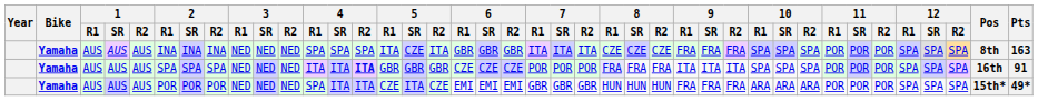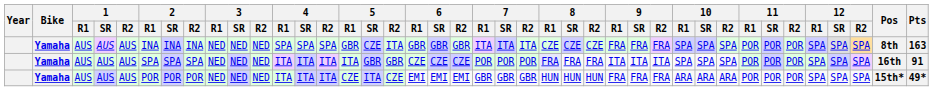 <table class="wikitable" style="text-align:center; font-size:90%;">
 <tr>
 <th rowspan="2">Year</th>
 <th rowspan="2">Bike</th>
 <th colspan="3">1</th>
 <th colspan="3">2</th>
 <th colspan="3">3</th>
 <th colspan="3">4</th>
 <th colspan="3">5</th>
 <th colspan="3">6</th>
 <th colspan="3">7</th>
 <th colspan="3">8</th>
 <th colspan="3">9</th>
 <th colspan="3">10</th>
 <th colspan="3">11</th>
 <th colspan="3">12</th>
 <th rowspan="2">Pos</th>
 <th rowspan="2">Pts</th>
 </tr>
 <tr>
 <th>R1</th>
 <th>SR</th>
 <th>R2</th>
 <th>R1</th>
 <th>SR</th>
 <th>R2</th>
 <th>R1</th>
 <th>SR</th>
 <th>R2</th>
 <th>R1</th>
 <th>SR</th>
 <th>R2</th>
 <th>R1</th>
 <th>SR</th>
 <th>R2</th>
 <th>R1</th>
 <th>SR</th>
 <th>R2</th>
 <th>R1</th>
 <th>SR</th>
 <th>R2</th>
 <th>R1</th>
 <th>SR</th>
 <th>R2</th>
 <th>R1</th>
 <th>SR</th>
 <th>R2</th>
 <th>R1</th>
 <th>SR</th>
 <th>R2</th>
 <th>R1</th>
 <th>SR</th>
 <th>R2</th>
 <th>R1</th>
 <th>SR</th>
 <th>R2</th>
 </tr>
 <tr>
 <th></th>
 <th><a href='#'>Yamaha</a></th>
 <td style="background:#DFFFDF;"><a href='#'>AUS</a><br></td>
 <td style="background:#EFCFFF;"><em><a href='#'>AUS</a></em><br></td>
 <td style="background:#DFFFDF;"><a href='#'>AUS</a><br></td>
 <td style="background:#DFFFDF;"><a href='#'>INA</a><br></td>
 <td style="background:#CFCFFF;"><a href='#'>INA</a><br></td>
 <td style="background:#DFFFDF;"><a href='#'>INA</a><br></td>
 <td style="background:#DFFFDF;"><a href='#'>NED</a><br></td>
 <td style="background:#DFFFDF;"><a href='#'>NED</a><br></td>
 <td style="background:#DFFFDF;"><a href='#'>NED</a><br></td>
 <td style="background:#DFFFDF;"><a href='#'>SPA</a><br></td>
 <td style="background:#DFFFDF;"><a href='#'>SPA</a><br></td>
 <td style="background:#DFFFDF;"><a href='#'>SPA</a><br></td>
-<td style="background:#DFFFDF;"><a href='#'>ITA</a><br></td>
+<td style="background:#DFFFDF;"><a href='#'>GBR</a><br></td>
 <td style="background:#CFCFFF;"><a href='#'>CZE</a><br></td>
 <td style="background:#DFFFDF;"><a href='#'>ITA</a><br></td>
 <td style="background:#DFFFDF;"><a href='#'>GBR</a><br></td>
 <td style="background:#CFCFFF;"><a href='#'>GBR</a><br></td>
 <td style="background:#DFFFDF;"><a href='#'>GBR</a><br></td>
 <td style="background:#EFCFFF;"><a href='#'>ITA</a><br></td>
 <td style="background:#CFCFFF;"><a href='#'>ITA</a><br></td>
 <td style="background:#DFFFDF;"><a href='#'>ITA</a><br></td>
 <td style="background:#DFFFDF;"><a href='#'>CZE</a><br></td>
 <td style="background:#CFCFFF;"><a href='#'>CZE</a><br></td>
 <td style="background:#DFFFDF;"><a href='#'>CZE</a><br></td>
 <td style="background:#DFFFDF;"><a href='#'>FRA</a><br></td>
 <td style="background:#DFFFDF;"><a href='#'>FRA</a><br></td>
 <td style="background:#EFCFFF;"><a href='#'>FRA</a><br></td>
 <td style="background:#CFCFFF;"><a href='#'>SPA</a><br></td>
 <td style="background:#CFCFFF;"><a href='#'>SPA</a><br></td>
 <td style="background:#DFFFDF;"><a href='#'>SPA</a><br></td>
 <td style="background:#DFFFDF;"><a href='#'>POR</a><br></td>
 <td style="background:#CFCFFF;"><a href='#'>POR</a><br></td>
 <td style="background:#DFFFDF;"><a href='#'>POR</a><br></td>
 <td style="background:#CFCFFF;"><a href='#'>SPA</a><br></td>
 <td style="background:#DFDFDF;"><a href='#'>SPA</a><br></td>
 <td style="background:#FFDF9F;"><a href='#'>SPA</a><br></td>
 <th>8th</th>
 <th>163</th>
 </tr>
 <tr>
 <th></th>
 <th><a href='#'>Yamaha</a></th>
 <td style="background:#DFFFDF;"><a href='#'>AUS</a><br></td>
 <td style="background:#DFFFDF;"><a href='#'>AUS</a><br></td>
 <td style="background:#DFFFDF;"><a href='#'>AUS</a><br></td>
 <td style="background:#DFFFDF;"><a href='#'>SPA</a><br></td>
 <td style="background:#CFCFFF;"><a href='#'>SPA</a><br></td>
 <td style="background:#DFFFDF;"><a href='#'>SPA</a><br></td>
 <td style="background:#DFFFDF;"><a href='#'>NED</a><br></td>
 <td style="background:#CFCFFF;"><a href='#'>NED</a><br></td>
 <td style="background:#DFFFDF;"><a href='#'>NED</a><br></td>
 <td style="background:#EFCFFF;"><a href='#'>ITA</a><br></td>
 <td style="background:#CFCFFF;"><a href='#'>ITA</a><br></td>
-<td style="background:#EFCFFF;"><strong><a href='#'>ITA</a><br></strong></td>
-<td style="background:#DFFFDF;"><a href='#'>GBR</a><br></td>
+<td style="background:#EFCFFF;"><a href='#'>ITA</a><br></td>
+<td style="background:#DFFFDF;"><a href='#'>ITA</a><br></td>
 <td style="background:#CFCFFF;"><a href='#'>GBR</a><br></td>
 <td style="background:#DFFFDF;"><a href='#'>GBR</a><br></td>
 <td style="background:#DFFFDF;"><a href='#'>CZE</a><br></td>
 <td style="background:#CFCFFF;"><a href='#'>CZE</a><br></td>
 <td style="background:#CFCFFF;"><a href='#'>CZE</a><br></td>
 <td style="background:#DFFFDF;"><a href='#'>POR</a><br></td>
 <td style="background:#DFFFDF;"><a href='#'>POR</a><br></td>
 <td style="background:#DFFFDF;"><a href='#'>POR</a><br></td>
 <td style="background: lavender;"><a href='#'>FRA</a></td>
 <td><a href='#'>FRA</a></td>
 <td><a href='#'>FRA</a></td>
 <td><a href='#'>ITA</a></td>
 <td><a href='#'>ITA</a></td>
 <td><a href='#'>ITA</a></td>
 <td><a href='#'>SPA</a></td>
 <td><a href='#'>SPA</a></td>
 <td><a href='#'>SPA</a></td>
 <td style="background:#DFFFDF;"><a href='#'>POR</a><br></td>
 <td style="background:#CFCFFF;"><a href='#'>POR</a><br></td>
 <td style="background:#DFFFDF;"><a href='#'>POR</a><br></td>
 <td style="background:#DFFFDF;"><a href='#'>SPA</a><br></td>
 <td style="background:#CFCFFF;"><a href='#'>SPA</a><br></td>
 <td style="background:#EFCFFF;"><a href='#'>SPA</a><br></td>
 <th>16th</th>
 <th>91</th>
 </tr>
 <tr>
 <th></th>
 <th><a href='#'>Yamaha</a></th>
 <td style="background:#DFFFDF;"><a href='#'>AUS</a><br></td>
 <td style="background:#CFCFFF;"><a href='#'>AUS</a><br></td>
 <td style="background:#DFFFDF;"><a href='#'>AUS</a><br></td>
 <td style="background:#DFFFDF;"><a href='#'>POR</a><br></td>
 <td style="background:#CFCFFF;"><a href='#'>POR</a><br></td>
 <td style="background:#DFFFDF;"><a href='#'>POR</a><br></td>
 <td style="background:#DFFFDF;"><a href='#'>NED</a><br></td>
 <td style="background:#CFCFFF;"><a href='#'>NED</a><br></td>
 <td style="background:#DFFFDF;"><a href='#'>NED</a><br></td>
-<td style="background:#DFFFDF;"><a href='#'>SPA</a><br></td>
+<td style="background:#DFFFDF;"><a href='#'>ITA</a><br></td>
 <td style="background:#CFCFFF;"><a href='#'>ITA</a><br></td>
 <td style="background:#CFCFFF;"><a href='#'>ITA</a><br></td>
 <td style="background:#DFFFDF;"><a href='#'>CZE</a><br></td>
 <td style="background:#CFCFFF;"><a href='#'>ITA</a><br></td>
 <td style="background:#DFFFDF;"><a href='#'>CZE</a><br></td>
 <td style="background:#;"><a href='#'>EMI</a><br></td>
 <td style="background:#;"><a href='#'>EMI</a><br></td>
 <td style="background:#;"><a href='#'>EMI</a><br></td>
 <td style="background:#;"><a href='#'>GBR</a><br></td>
 <td style="background:#;"><a href='#'>GBR</a><br></td>
 <td style="background:#;"><a href='#'>GBR</a><br></td>
 <td style="background:#;"><a href='#'>HUN</a><br></td>
 <td style="background:#;"><a href='#'>HUN</a><br></td>
 <td style="background:#;"><a href='#'>HUN</a><br></td>
 <td style="background:#;"><a href='#'>FRA</a><br></td>
 <td style="background:#;"><a href='#'>FRA</a><br></td>
 <td style="background:#;"><a href='#'>FRA</a><br></td>
 <td style="background:#;"><a href='#'>ARA</a><br></td>
 <td style="background:#;"><a href='#'>ARA</a><br></td>
 <td style="background:#;"><a href='#'>ARA</a><br></td>
 <td style="background:#;"><a href='#'>POR</a><br></td>
 <td style="background:#;"><a href='#'>POR</a><br></td>
 <td style="background:#;"><a href='#'>POR</a><br></td>
 <td style="background:#;"><a href='#'>SPA</a><br></td>
 <td style="background:#;"><a href='#'>SPA</a><br></td>
 <td style="background:#;"><a href='#'>SPA</a><br></td>
 <th>15th*</th>
 <th>49*</th>
 </tr>
 </table>
